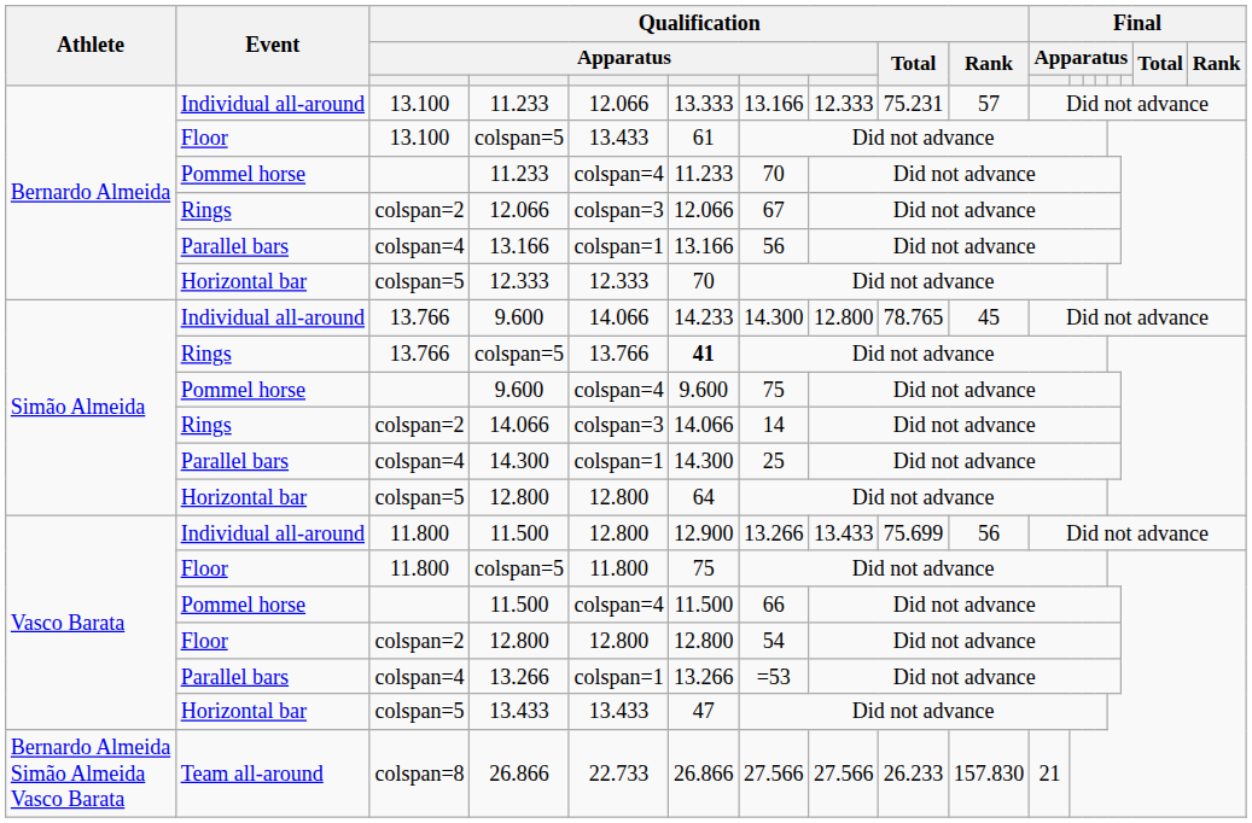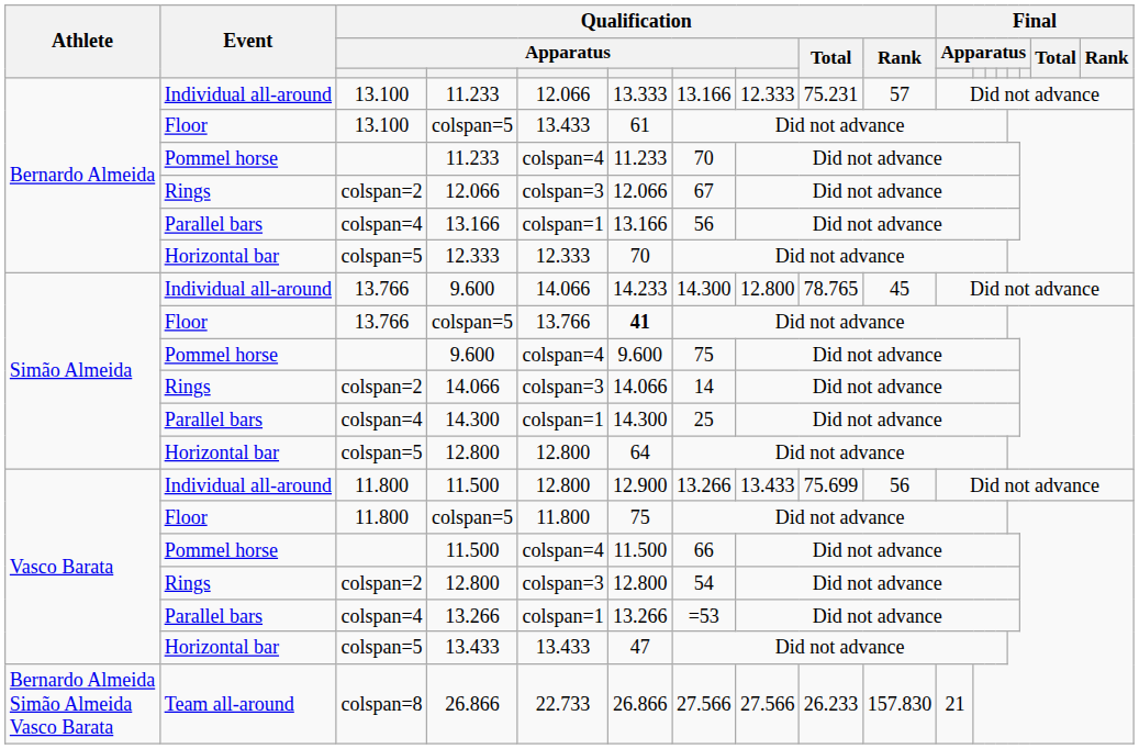 <table class=wikitable style="font-size:90%; text-align:center;">
 <tr>
 <th rowspan=3>Athlete</th>
 <th rowspan=3>Event</th>
 <th colspan =8>Qualification</th>
 <th colspan =8>Final</th>
 </tr>
 <tr style="font-size:95%">
 <th colspan=6>Apparatus</th>
 <th rowspan=2>Total</th>
 <th rowspan=2>Rank</th>
 <th colspan=6>Apparatus</th>
 <th rowspan=2>Total</th>
 <th rowspan=2>Rank</th>
 </tr>
 <tr style="font-size:95%">
 <th></th>
 <th></th>
 <th></th>
 <th></th>
 <th></th>
 <th></th>
 <th></th>
 <th></th>
 <th></th>
 <th></th>
 <th></th>
 <th></th>
 </tr>
 <tr>
 <td align=left rowspan=6><a href='#'>Bernardo Almeida</a></td>
 <td align=left><a href='#'>Individual all-around</a></td>
 <td>13.100</td>
 <td>11.233</td>
 <td>12.066</td>
 <td>13.333</td>
 <td>13.166</td>
 <td>12.333</td>
 <td>75.231</td>
 <td>57</td>
 <td colspan=8>Did not advance</td>
 </tr>
 <tr>
 <td align=left><a href='#'>Floor</a></td>
 <td>13.100</td>
 <td>colspan=5 </td>
 <td>13.433</td>
 <td>61</td>
 <td colspan=8>Did not advance</td>
 </tr>
 <tr>
 <td align=left><a href='#'>Pommel horse</a></td>
 <td></td>
 <td>11.233</td>
 <td>colspan=4 </td>
 <td>11.233</td>
 <td>70</td>
 <td colspan=8>Did not advance</td>
 </tr>
 <tr>
 <td align=left><a href='#'>Rings</a></td>
 <td>colspan=2 </td>
 <td>12.066</td>
 <td>colspan=3 </td>
 <td>12.066</td>
 <td>67</td>
 <td colspan=8>Did not advance</td>
 </tr>
 <tr>
 <td align=left><a href='#'>Parallel bars</a></td>
 <td>colspan=4 </td>
 <td>13.166</td>
 <td>colspan=1 </td>
 <td>13.166</td>
 <td>56</td>
 <td colspan=8>Did not advance</td>
 </tr>
 <tr>
 <td align=left><a href='#'>Horizontal bar</a></td>
 <td>colspan=5 </td>
 <td>12.333</td>
 <td>12.333</td>
 <td>70</td>
 <td colspan=8>Did not advance</td>
 </tr>
 <tr>
 <td align=left rowspan=6><a href='#'>Simão Almeida</a></td>
 <td align=left><a href='#'>Individual all-around</a></td>
 <td>13.766</td>
 <td>9.600</td>
 <td>14.066</td>
 <td>14.233</td>
 <td>14.300</td>
 <td>12.800</td>
 <td>78.765</td>
 <td>45</td>
 <td colspan=8>Did not advance</td>
 </tr>
 <tr>
-<td align=left><a href='#'>Rings</a></td>
+<td align=left><a href='#'>Floor</a></td>
 <td>13.766</td>
 <td>colspan=5 </td>
 <td>13.766</td>
 <td><strong>41</strong></td>
 <td colspan=8>Did not advance</td>
 </tr>
 <tr>
 <td align=left><a href='#'>Pommel horse</a></td>
 <td></td>
 <td>9.600</td>
 <td>colspan=4 </td>
 <td>9.600</td>
 <td>75</td>
 <td colspan=8>Did not advance</td>
 </tr>
 <tr>
 <td align=left><a href='#'>Rings</a></td>
 <td>colspan=2 </td>
 <td>14.066</td>
 <td>colspan=3 </td>
 <td>14.066</td>
 <td>14</td>
 <td colspan=8>Did not advance</td>
 </tr>
 <tr>
 <td align=left><a href='#'>Parallel bars</a></td>
 <td>colspan=4 </td>
 <td>14.300</td>
 <td>colspan=1 </td>
 <td>14.300</td>
 <td>25</td>
 <td colspan=8>Did not advance</td>
 </tr>
 <tr>
 <td align=left><a href='#'>Horizontal bar</a></td>
 <td>colspan=5 </td>
 <td>12.800</td>
 <td>12.800</td>
 <td>64</td>
 <td colspan=8>Did not advance</td>
 </tr>
 <tr>
 <td align=left rowspan=6><a href='#'>Vasco Barata</a></td>
 <td align=left><a href='#'>Individual all-around</a></td>
 <td>11.800</td>
 <td>11.500</td>
 <td>12.800</td>
 <td>12.900</td>
 <td>13.266</td>
 <td>13.433</td>
 <td>75.699</td>
 <td>56</td>
 <td colspan=8>Did not advance</td>
 </tr>
 <tr>
 <td align=left><a href='#'>Floor</a></td>
 <td>11.800</td>
 <td>colspan=5 </td>
 <td>11.800</td>
 <td>75</td>
 <td colspan=8>Did not advance</td>
 </tr>
 <tr>
 <td align=left><a href='#'>Pommel horse</a></td>
 <td></td>
 <td>11.500</td>
 <td>colspan=4 </td>
 <td>11.500</td>
 <td>66</td>
 <td colspan=8>Did not advance</td>
 </tr>
 <tr>
-<td align=left><a href='#'>Floor</a></td>
+<td align=left><a href='#'>Rings</a></td>
 <td>colspan=2 </td>
 <td>12.800</td>
-<td>12.800</td>
+<td>colspan=3 </td>
 <td>12.800</td>
 <td>54</td>
 <td colspan=8>Did not advance</td>
 </tr>
 <tr>
 <td align=left><a href='#'>Parallel bars</a></td>
 <td>colspan=4 </td>
 <td>13.266</td>
 <td>colspan=1 </td>
 <td>13.266</td>
 <td>=53</td>
 <td colspan=8>Did not advance</td>
 </tr>
 <tr>
 <td align=left><a href='#'>Horizontal bar</a></td>
 <td>colspan=5 </td>
 <td>13.433</td>
 <td>13.433</td>
 <td>47</td>
 <td colspan=8>Did not advance</td>
 </tr>
 <tr>
 <td align=left><a href='#'>Bernardo Almeida</a><br><a href='#'>Simão Almeida</a><br><a href='#'>Vasco Barata</a></td>
 <td align=left><a href='#'>Team all-around</a></td>
 <td>colspan=8 </td>
 <td>26.866</td>
 <td>22.733</td>
 <td>26.866</td>
 <td>27.566</td>
 <td>27.566</td>
 <td>26.233</td>
 <td>157.830</td>
 <td>21</td>
 </tr>
 </table>
